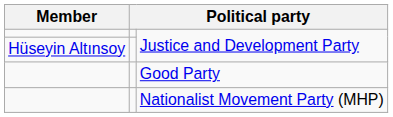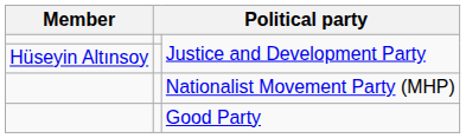 <table class="wikitable sortable">
 <tr>
 <th>Member</th>
 <th colspan="2">Political party</th>
 </tr>
 <tr>
 <td></td>
 <td style="background:"></td>
 <td rowspan="2"><a href='#'>Justice and Development Party</a></td>
 </tr>
 <tr>
 <td><a href='#'>Hüseyin Altınsoy</a></td>
 <td style="background:"></td>
 </tr>
 <tr>
 <td></td>
 <td style="background:"></td>
-<td><a href='#'>Good Party</a></td>
+<td><a href='#'>Nationalist Movement Party</a> (MHP)</td>
 </tr>
 <tr>
 <td></td>
 <td style="background:"></td>
-<td><a href='#'>Nationalist Movement Party</a> (MHP)</td>
+<td><a href='#'>Good Party</a></td>
 </tr>
 </table>
